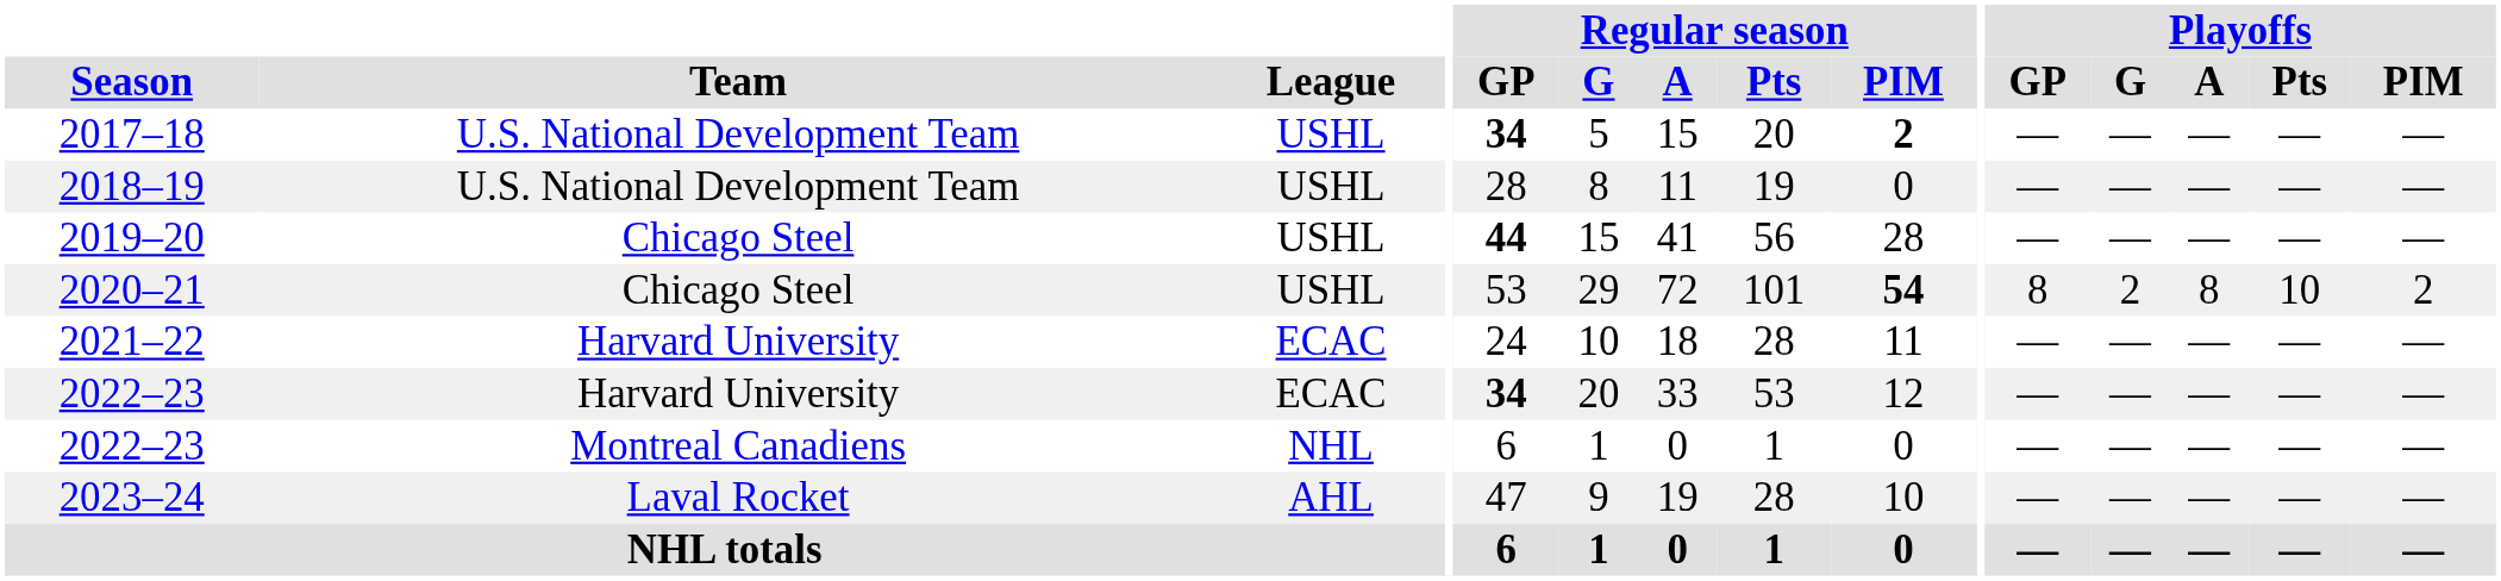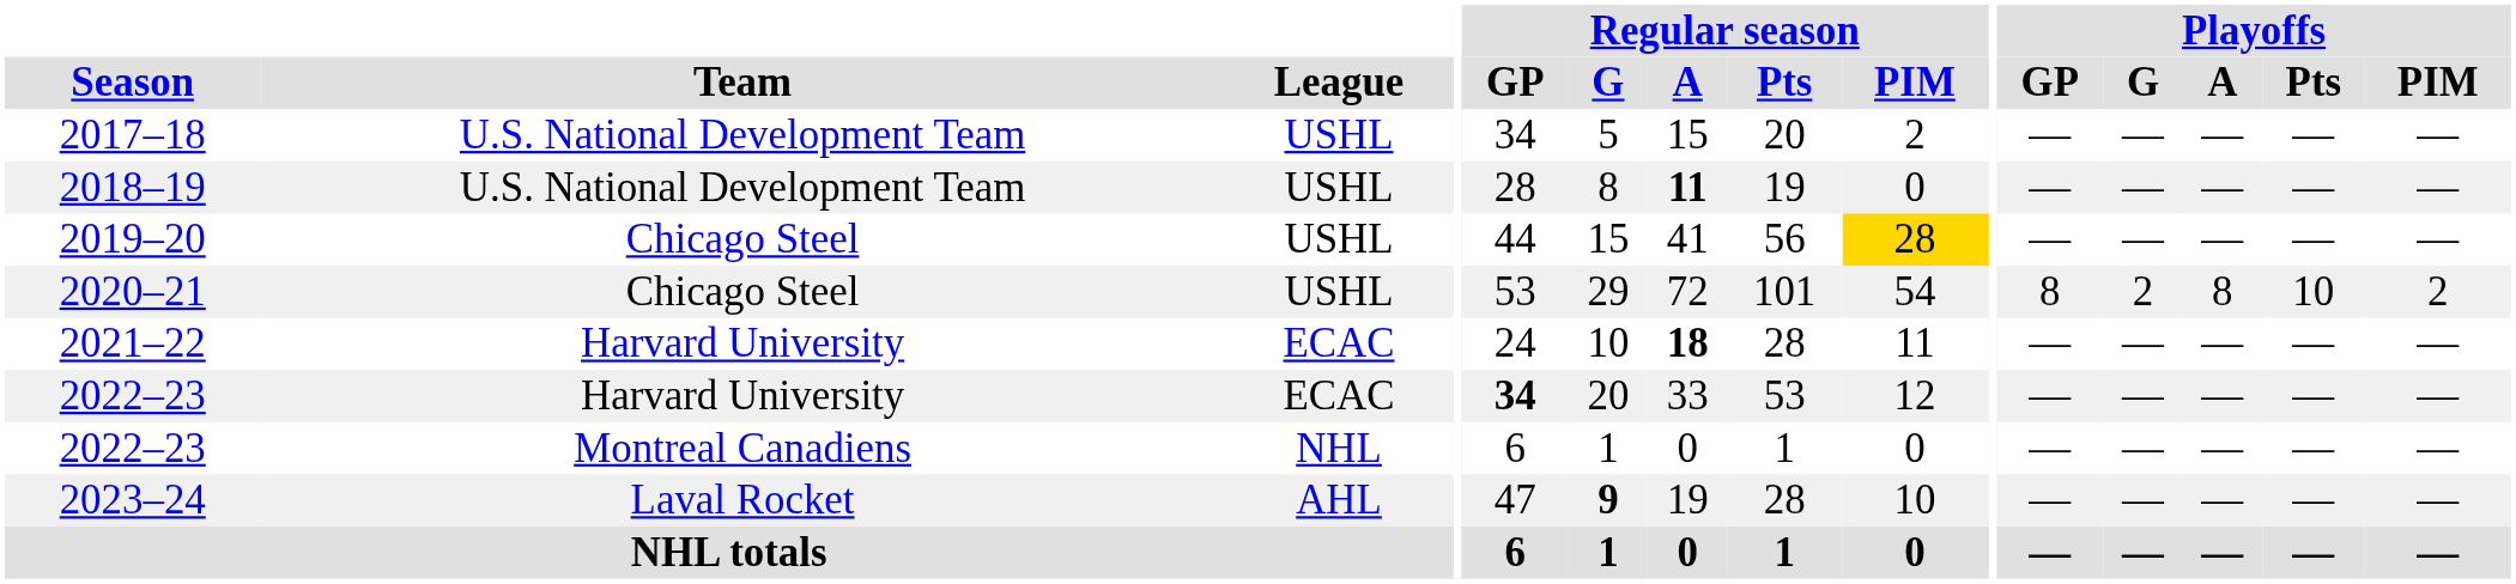 <table border="0" cellpadding="1" cellspacing="0" style="text-align:center; width:60em">
 <tr bgcolor="#e0e0e0">
 <th colspan="3" bgcolor="#ffffff"></th>
 <th rowspan="100" bgcolor="#ffffff"></th>
 <th colspan="5"><a href='#'>Regular season</a></th>
 <th rowspan="100" bgcolor="#ffffff"></th>
 <th colspan="5"><a href='#'>Playoffs</a></th>
 </tr>
 <tr bgcolor="#e0e0e0">
 <th><a href='#'>Season</a></th>
 <th>Team</th>
 <th>League</th>
 <th>GP</th>
 <th><a href='#'>G</a></th>
 <th><a href='#'>A</a></th>
 <th><a href='#'>Pts</a></th>
 <th><a href='#'>PIM</a></th>
 <th>GP</th>
 <th>G</th>
 <th>A</th>
 <th>Pts</th>
 <th>PIM</th>
 </tr>
 <tr>
 <td><a href='#'>2017–18</a></td>
 <td><a href='#'>U.S. National Development Team</a></td>
 <td><a href='#'>USHL</a></td>
-<td><strong>34</strong></td>
+<td>34</td>
 <td>5</td>
 <td>15</td>
 <td>20</td>
-<td><strong>2</strong></td>
+<td>2</td>
 <td>—</td>
 <td>—</td>
 <td>—</td>
 <td>—</td>
 <td>—</td>
 </tr>
 <tr bgcolor="#f0f0f0">
 <td><a href='#'>2018–19</a></td>
 <td>U.S. National Development Team</td>
 <td>USHL</td>
 <td>28</td>
 <td>8</td>
-<td>11</td>
+<td><strong>11</strong></td>
 <td>19</td>
 <td>0</td>
 <td>—</td>
 <td>—</td>
 <td>—</td>
 <td>—</td>
 <td>—</td>
 </tr>
 <tr>
 <td><a href='#'>2019–20</a></td>
 <td><a href='#'>Chicago Steel</a></td>
 <td>USHL</td>
-<td><strong>44</strong></td>
+<td>44</td>
 <td>15</td>
 <td>41</td>
 <td>56</td>
-<td>28</td>
+<td style="background: gold;">28</td>
 <td>—</td>
 <td>—</td>
 <td>—</td>
 <td>—</td>
 <td>—</td>
 </tr>
 <tr bgcolor="#f0f0f0">
 <td><a href='#'>2020–21</a></td>
 <td>Chicago Steel</td>
 <td>USHL</td>
 <td>53</td>
 <td>29</td>
 <td>72</td>
 <td>101</td>
-<td><strong>54</strong></td>
+<td>54</td>
 <td>8</td>
 <td>2</td>
 <td>8</td>
 <td>10</td>
 <td>2</td>
 </tr>
 <tr>
 <td><a href='#'>2021–22</a></td>
 <td><a href='#'>Harvard University</a></td>
 <td><a href='#'>ECAC</a></td>
 <td>24</td>
 <td>10</td>
-<td>18</td>
+<td><strong>18</strong></td>
 <td>28</td>
 <td>11</td>
 <td>—</td>
 <td>—</td>
 <td>—</td>
 <td>—</td>
 <td>—</td>
 </tr>
 <tr bgcolor="#f0f0f0">
 <td><a href='#'>2022–23</a></td>
 <td>Harvard University</td>
 <td>ECAC</td>
 <td><strong>34</strong></td>
 <td>20</td>
 <td>33</td>
 <td>53</td>
 <td>12</td>
 <td>—</td>
 <td>—</td>
 <td>—</td>
 <td>—</td>
 <td>—</td>
 </tr>
 <tr>
 <td><a href='#'>2022–23</a></td>
 <td><a href='#'>Montreal Canadiens</a></td>
 <td><a href='#'>NHL</a></td>
 <td>6</td>
 <td>1</td>
 <td>0</td>
 <td>1</td>
 <td>0</td>
 <td>—</td>
 <td>—</td>
 <td>—</td>
 <td>—</td>
 <td>—</td>
 </tr>
 <tr bgcolor="#f0f0f0">
 <td><a href='#'>2023–24</a></td>
 <td><a href='#'>Laval Rocket</a></td>
 <td><a href='#'>AHL</a></td>
 <td>47</td>
-<td>9</td>
+<td><strong>9</strong></td>
 <td>19</td>
 <td>28</td>
 <td>10</td>
 <td>—</td>
 <td>—</td>
 <td>—</td>
 <td>—</td>
 <td>—</td>
 </tr>
 <tr bgcolor="#e0e0e0">
 <th colspan="3">NHL totals</th>
 <th>6</th>
 <th>1</th>
 <th>0</th>
 <th>1</th>
 <th>0</th>
 <th>—</th>
 <th>—</th>
 <th>—</th>
 <th>—</th>
 <th>—</th>
 </tr>
 </table>
